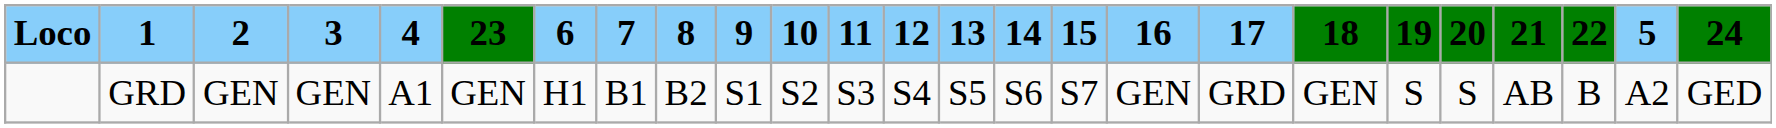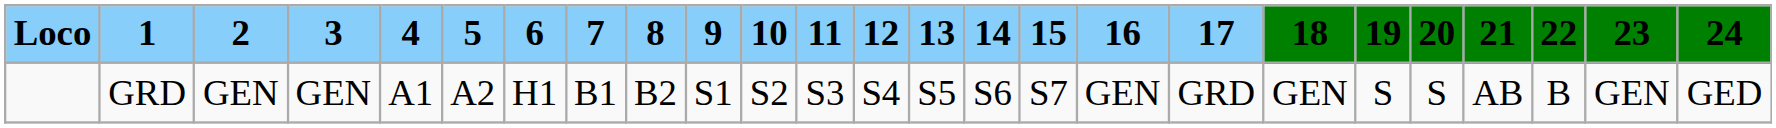 <table class="wikitable plainrowheaders unsortable" style="text-align:center">
 <tr>
 <th scope="col" rowspan="1" style="background:lightskyblue;">Loco</th>
 <th scope="col" rowspan="1" style="background:lightskyblue;">1</th>
 <th scope="col" rowspan="1" style="background:lightskyblue;">2</th>
 <th scope="col" rowspan="1" style="background:lightskyblue;">3</th>
 <th scope="col" rowspan="1" style="background:lightskyblue;">4</th>
-<th scope="col" rowspan="1" style="background:Green;">23</th>
+<th scope="col" rowspan="1" style="background:lightskyblue;">5</th>
 <th scope="col" rowspan="1" style="background:lightskyblue;">6</th>
 <th scope="col" rowspan="1" style="background:lightskyblue;">7</th>
 <th scope="col" rowspan="1" style="background:lightskyblue;">8</th>
 <th scope="col" rowspan="1" style="background:lightskyblue;">9</th>
 <th scope="col" rowspan="1" style="background:lightskyblue;">10</th>
 <th scope="col" rowspan="1" style="background:lightskyblue;">11</th>
 <th scope="col" rowspan="1" style="background:lightskyblue;">12</th>
 <th scope="col" rowspan="1" style="background:lightskyblue;">13</th>
 <th scope="col" rowspan="1" style="background:lightskyblue;">14</th>
 <th scope="col" rowspan="1" style="background:lightskyblue;">15</th>
 <th scope="col" rowspan="1" style="background:lightskyblue;">16</th>
 <th scope="col" rowspan="1" style="background:lightskyblue;">17</th>
 <th scope="col" rowspan="1" style="background:Green;">18</th>
 <th scope="col" rowspan="1" style="background:Green;">19</th>
 <th scope="col" rowspan="1" style="background:Green;">20</th>
 <th scope="col" rowspan="1" style="background:Green;">21</th>
 <th scope="col" rowspan="1" style="background:Green;">22</th>
-<th scope="col" rowspan="1" style="background:lightskyblue;">5</th>
+<th scope="col" rowspan="1" style="background:Green;">23</th>
 <th scope="col" rowspan="1" style="background:Green;">24</th>
 </tr>
 <tr>
 <td></td>
 <td>GRD</td>
 <td>GEN</td>
 <td>GEN</td>
 <td>A1</td>
-<td>GEN</td>
+<td>A2</td>
 <td>H1</td>
 <td>B1</td>
 <td>B2</td>
 <td>S1</td>
 <td>S2</td>
 <td>S3</td>
 <td>S4</td>
 <td>S5</td>
 <td>S6</td>
 <td>S7</td>
 <td>GEN</td>
 <td>GRD</td>
 <td>GEN</td>
 <td>S</td>
 <td>S</td>
 <td>AB</td>
 <td>B</td>
-<td>A2</td>
+<td>GEN</td>
 <td>GED</td>
 </tr>
 </table>
